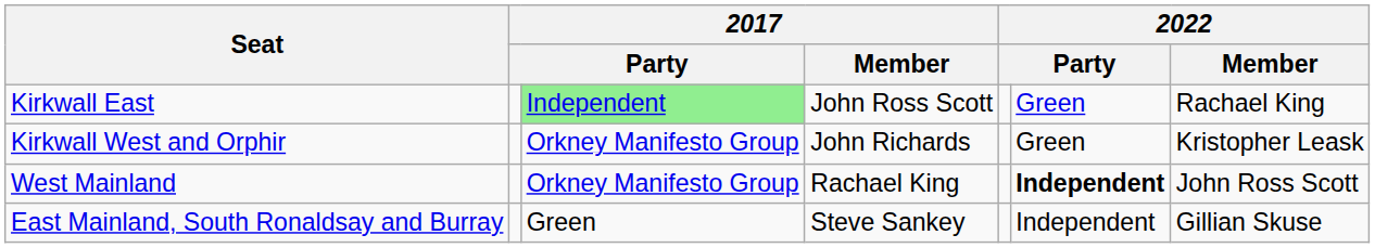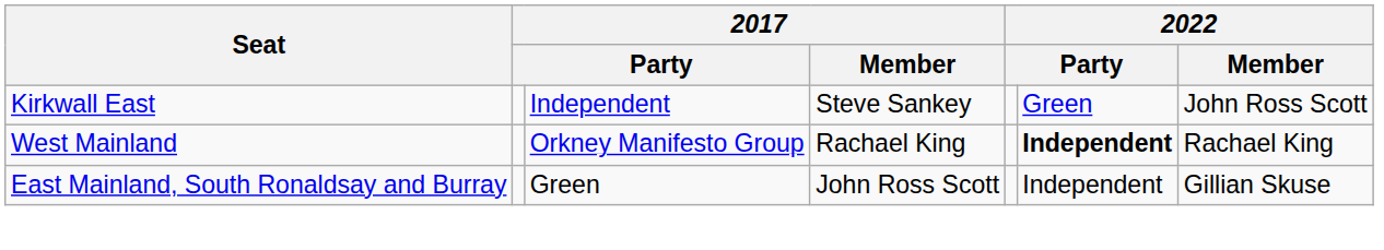 <table class="wikitable">
 <tr>
 <th scope="col" rowspan="2" style="text-align:center">Seat</th>
 <th scope="col" colspan="3" style="text-align:center"><em>2017</em></th>
 <th scope="col" colspan="3" style="text-align:center"><em>2022</em></th>
 </tr>
 <tr>
 <th colspan="2" style="text-align:center">Party</th>
 <th style="text-align:center">Member</th>
 <th colspan="2" style="text-align:center">Party</th>
 <th style="text-align:center">Member</th>
 </tr>
 <tr>
 <td scope="row"><a href='#'>Kirkwall East</a></td>
 <td></td>
-<td style="background: lightgreen;"><a href='#'>Independent</a></td>
-<td>John Ross Scott</td>
+<td><a href='#'>Independent</a></td>
+<td>Steve Sankey</td>
 <td></td>
 <td><a href='#'>Green</a></td>
-<td>Rachael King</td>
-</tr>
-<tr>
-<td scope="row"><a href='#'>Kirkwall West and Orphir</a></td>
-<td></td>
-<td><a href='#'>Orkney Manifesto Group</a></td>
-<td>John Richards</td>
-<td></td>
-<td>Green</td>
-<td>Kristopher Leask</td>
+<td>John Ross Scott</td>
 </tr>
 <tr>
 <td scope="row"><a href='#'>West Mainland</a></td>
 <td></td>
 <td><a href='#'>Orkney Manifesto Group</a></td>
 <td>Rachael King</td>
 <td></td>
 <td><strong>Independent</strong></td>
-<td>John Ross Scott</td>
+<td>Rachael King</td>
 </tr>
 <tr>
 <td scope="row"><a href='#'>East Mainland, South Ronaldsay and Burray</a></td>
 <td></td>
 <td>Green</td>
-<td>Steve Sankey</td>
+<td>John Ross Scott</td>
 <td></td>
 <td>Independent</td>
 <td>Gillian Skuse</td>
 </tr>
 </table>
